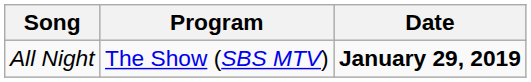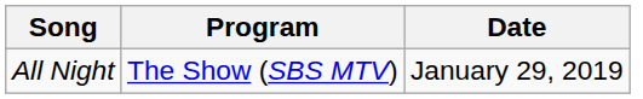 <table class="wikitable">
 <tr>
 <th>Song</th>
 <th>Program</th>
 <th>Date</th>
 </tr>
 <tr>
 <td><em>All Night</em></td>
 <td><a href='#'>The Show</a> (<em><a href='#'>SBS MTV</a></em>)</td>
-<td><strong>January 29, 2019</strong></td>
+<td>January 29, 2019</td>
 </tr>
 </table>
